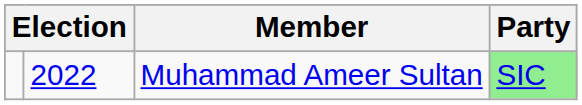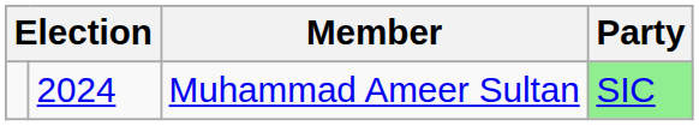 <table class="wikitable">
 <tr>
 <th colspan="2">Election</th>
 <th>Member</th>
 <th>Party</th>
 </tr>
 <tr>
 <td style="background-color: "></td>
-<td><a href='#'>2022</a></td>
+<td><a href='#'>2024</a></td>
 <td><a href='#'>Muhammad Ameer Sultan</a></td>
 <td style="background: lightgreen;"><a href='#'>SIC</a></td>
 </tr>
 </table>
